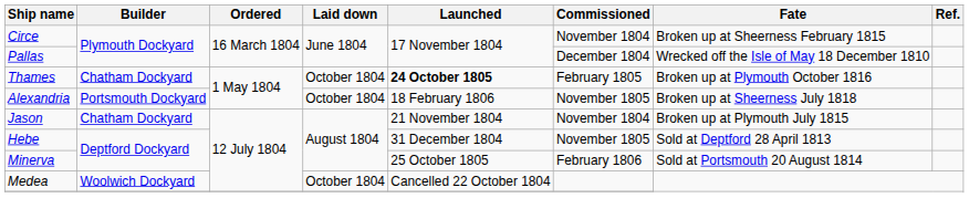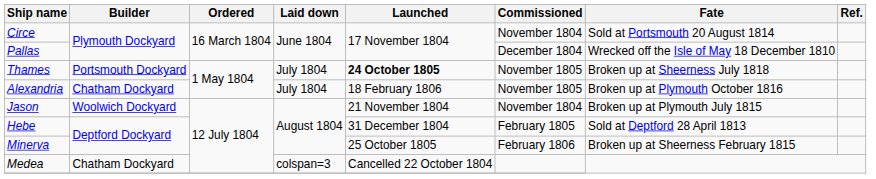 <table class="wikitable">
 <tr>
 <th>Ship name</th>
 <th>Builder</th>
 <th>Ordered</th>
 <th>Laid down</th>
 <th>Launched</th>
 <th scope="col" style="width:106px;">Commissioned</th>
 <th>Fate</th>
 <th>Ref.</th>
 </tr>
 <tr>
 <td><a href='#'><em>Circe</em></a></td>
 <td rowspan=2><a href='#'>Plymouth Dockyard</a></td>
 <td rowspan=2>16 March 1804</td>
 <td rowspan=2>June 1804</td>
 <td rowspan=2>17 November 1804</td>
 <td>November 1804</td>
-<td>Broken up at Sheerness February 1815</td>
+<td>Sold at <a href='#'>Portsmouth</a> 20 August 1814</td>
 <td></td>
 </tr>
 <tr>
 <td><a href='#'><em>Pallas</em></a></td>
 <td>December 1804</td>
 <td>Wrecked off the <a href='#'>Isle of May</a> 18 December 1810</td>
 <td></td>
 </tr>
 <tr>
 <td><a href='#'><em>Thames</em></a></td>
-<td><a href='#'>Chatham Dockyard</a></td>
+<td><a href='#'>Portsmouth Dockyard</a></td>
 <td rowspan=2>1 May 1804</td>
-<td>October 1804</td>
+<td>July 1804</td>
 <td><strong>24 October 1805</strong></td>
-<td>February 1805</td>
-<td>Broken up at <a href='#'>Plymouth</a> October 1816</td>
-<td></td>
-</tr>
-<tr>
-<td><a href='#'><em>Alexandria</em></a></td>
-<td><a href='#'>Portsmouth Dockyard</a></td>
-<td>October 1804</td>
-<td>18 February 1806</td>
 <td>November 1805</td>
 <td>Broken up at <a href='#'>Sheerness</a> July 1818</td>
 <td></td>
 </tr>
 <tr>
+<td><a href='#'><em>Alexandria</em></a></td>
+<td><a href='#'>Chatham Dockyard</a></td>
+<td>July 1804</td>
+<td>18 February 1806</td>
+<td>November 1805</td>
+<td>Broken up at <a href='#'>Plymouth</a> October 1816</td>
+<td></td>
+</tr>
+<tr>
 <td><a href='#'><em>Jason</em></a></td>
-<td><a href='#'>Chatham Dockyard</a></td>
+<td><a href='#'>Woolwich Dockyard</a></td>
 <td rowspan=4>12 July 1804</td>
 <td rowspan=3>August 1804</td>
 <td>21 November 1804</td>
 <td>November 1804</td>
 <td>Broken up at Plymouth July 1815</td>
 <td></td>
 </tr>
 <tr>
 <td><a href='#'><em>Hebe</em></a></td>
 <td rowspan=2><a href='#'>Deptford Dockyard</a></td>
 <td>31 December 1804</td>
-<td>November 1805</td>
+<td>February 1805</td>
 <td>Sold at <a href='#'>Deptford</a> 28 April 1813</td>
 <td></td>
 </tr>
 <tr>
 <td><a href='#'><em>Minerva</em></a></td>
 <td>25 October 1805</td>
 <td>February 1806</td>
-<td>Sold at <a href='#'>Portsmouth</a> 20 August 1814</td>
+<td>Broken up at Sheerness February 1815</td>
 <td></td>
 </tr>
 <tr>
 <td><em>Medea</em></td>
-<td><a href='#'>Woolwich Dockyard</a></td>
-<td>October 1804</td>
+<td>Chatham Dockyard</td>
+<td>colspan=3 </td>
 <td>Cancelled 22 October 1804</td>
 <td></td>
 </tr>
 <tr>
 </tr>
 </table>
